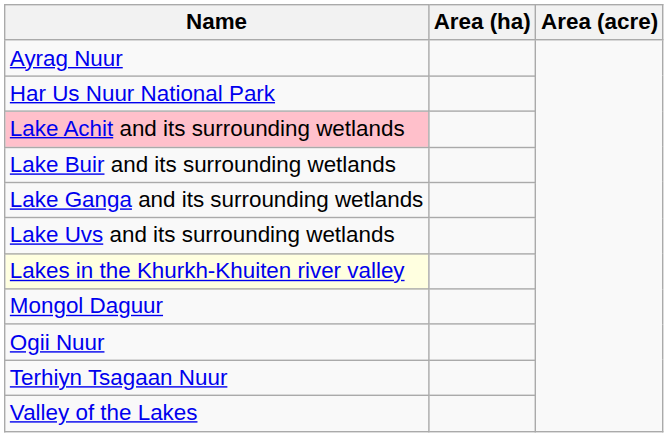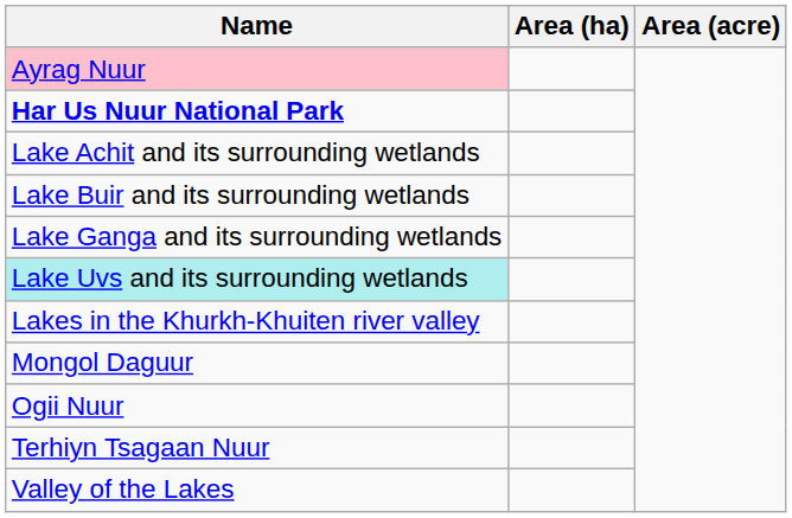 <table class="wikitable sortable">
 <tr>
 <th scope="col" align=left>Name</th>
 <th scope="col">Area (ha)</th>
 <th scope="col">Area (acre)</th>
 </tr>
 <tr ---->
-<td><a href='#'>Ayrag Nuur</a></td>
+<td style="background: pink;"><a href='#'>Ayrag Nuur</a></td>
 <td></td>
 </tr>
 <tr ---->
-<td><a href='#'>Har Us Nuur National Park</a></td>
+<td><strong><a href='#'>Har Us Nuur National Park</a></strong></td>
 <td></td>
 </tr>
 <tr ---->
-<td style="background: pink;"><a href='#'>Lake Achit</a> and its surrounding wetlands</td>
+<td><a href='#'>Lake Achit</a> and its surrounding wetlands</td>
 <td></td>
 </tr>
 <tr ---->
 <td><a href='#'>Lake Buir</a> and its surrounding wetlands</td>
 <td></td>
 </tr>
 <tr ---->
 <td><a href='#'>Lake Ganga</a> and its surrounding wetlands</td>
 <td></td>
 </tr>
 <tr ---->
-<td><a href='#'>Lake Uvs</a> and its surrounding wetlands</td>
+<td style="background: paleturquoise;"><a href='#'>Lake Uvs</a> and its surrounding wetlands</td>
 <td></td>
 </tr>
 <tr ---->
-<td style="background: lightyellow;"><a href='#'>Lakes in the Khurkh-Khuiten river valley</a></td>
+<td><a href='#'>Lakes in the Khurkh-Khuiten river valley</a></td>
 <td></td>
 </tr>
 <tr ---->
 <td><a href='#'>Mongol Daguur</a></td>
 <td></td>
 </tr>
 <tr ---->
 <td><a href='#'>Ogii Nuur</a></td>
 <td></td>
 </tr>
 <tr ---->
 <td><a href='#'>Terhiyn Tsagaan Nuur</a></td>
 <td></td>
 </tr>
 <tr ---->
 <td><a href='#'>Valley of the Lakes</a></td>
 <td></td>
 </tr>
 </table>
